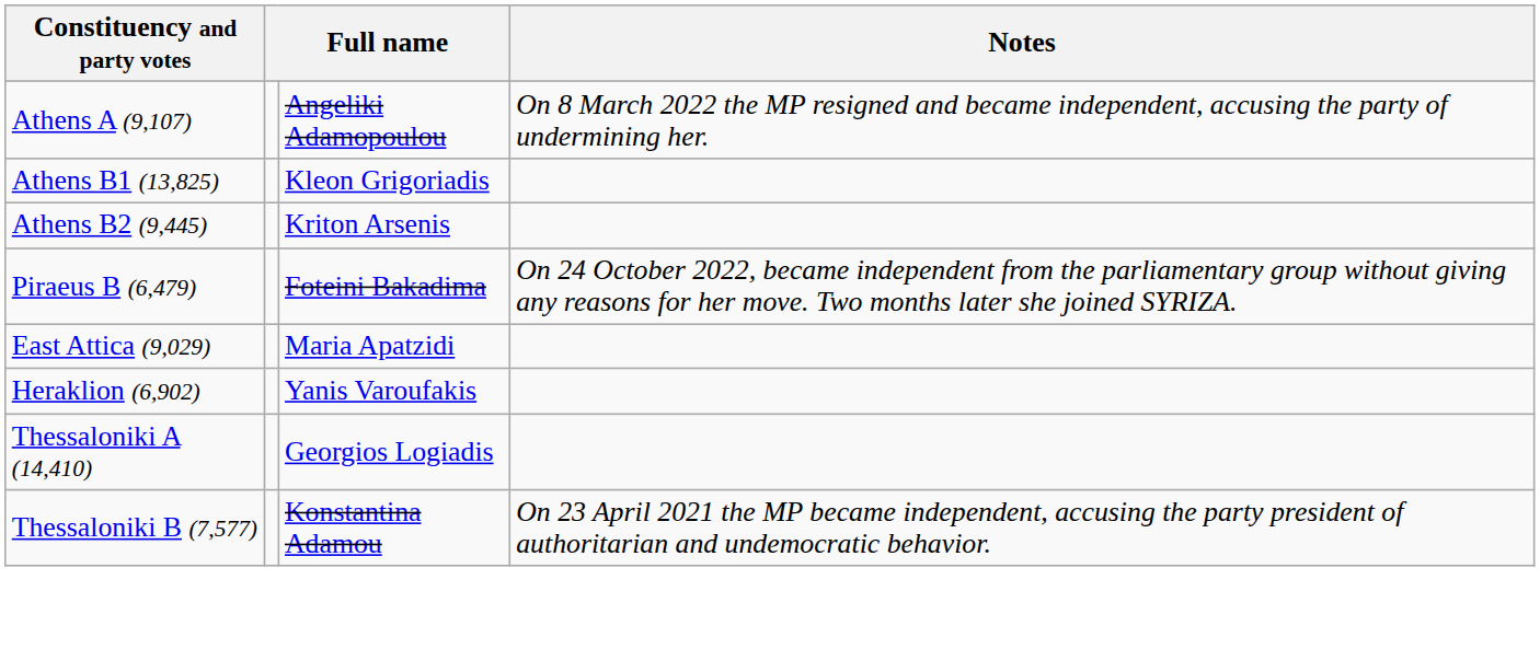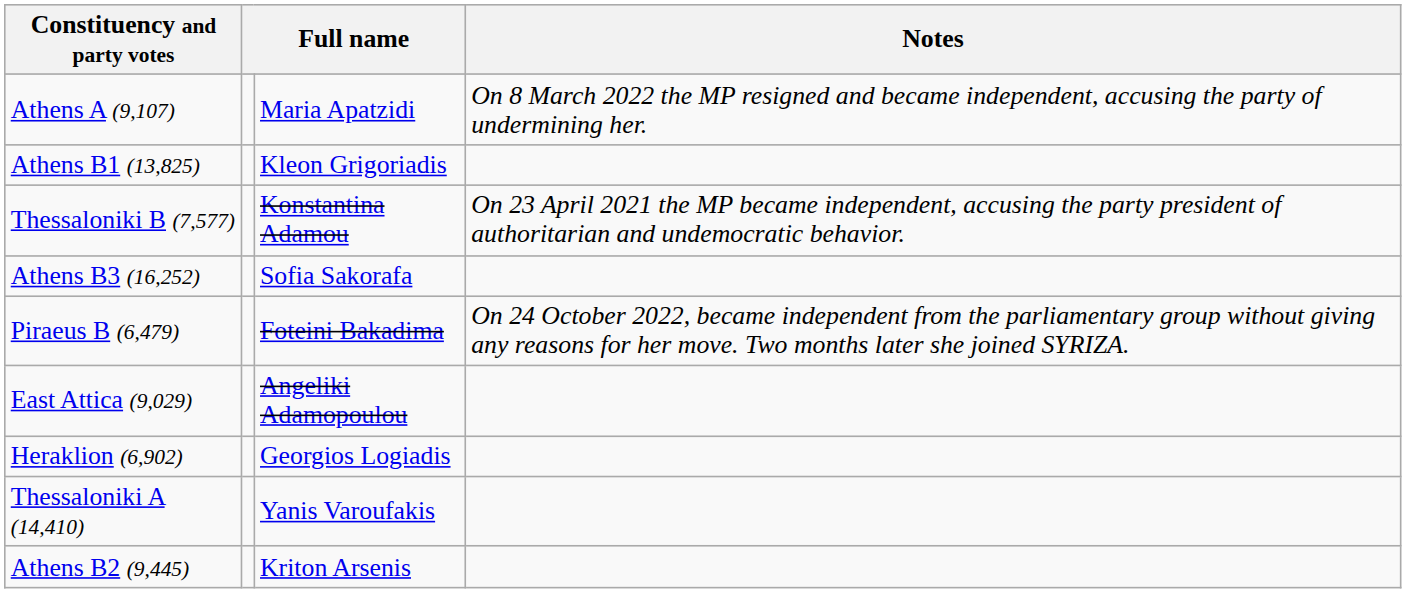 <table class="wikitable">
 <tr>
 <th>Constituency <small>and party votes</small></th>
 <th colspan="2">Full name</th>
 <th>Notes</th>
 </tr>
 <tr>
 <td><a href='#'>Athens A</a>  <small><em>(9,107)</em></small></td>
 <td></td>
-<td><s><a href='#'>Angeliki Adamopoulou</a></s></td>
+<td><a href='#'>Maria Apatzidi</a></td>
 <td><em>On 8 March 2022 the MP resigned and became independent, accusing the party of undermining her.</em></td>
 </tr>
 <tr>
 <td><a href='#'>Athens B1</a>  <small><em>(13,825)</em></small></td>
 <td></td>
 <td><a href='#'>Kleon Grigoriadis</a></td>
 <td></td>
 </tr>
 <tr>
-<td><a href='#'>Athens B2</a>  <small><em>(9,445)</em></small></td>
+<td><a href='#'>Thessaloniki B</a> <small><em>(7,577)</em></small></td>
 <td></td>
-<td><a href='#'>Kriton Arsenis</a></td>
+<td><s><a href='#'>Konstantina Adamou</a></s></td>
+<td><em>On 23 April 2021 the MP became independent, accusing the party president of authoritarian and undemocratic behavior.</em></td>
+</tr>
+<tr>
+<td><a href='#'>Athens B3</a>  <small><em>(16,252)</em></small></td>
+<td></td>
+<td><a href='#'>Sofia Sakorafa</a></td>
 <td></td>
 </tr>
 <tr>
 <td><a href='#'>Piraeus B</a>  <small><em>(6,479)</em></small></td>
 <td></td>
 <td><s><a href='#'>Foteini Bakadima</a></s></td>
 <td><em>On 24 October 2022, became independent from the parliamentary group without giving any reasons for her move. Two months later she joined SYRIZA.</em> </td>
 </tr>
 <tr>
 <td><a href='#'>East Attica</a> <small><em>(9,029)</em></small></td>
 <td></td>
-<td><a href='#'>Maria Apatzidi</a></td>
+<td><s><a href='#'>Angeliki Adamopoulou</a></s></td>
 <td></td>
 </tr>
 <tr>
 <td><a href='#'>Heraklion</a>  <small><em>(6,902)</em></small></td>
 <td></td>
-<td><a href='#'>Yanis Varoufakis</a></td>
+<td><a href='#'>Georgios Logiadis</a></td>
 <td></td>
 </tr>
 <tr>
 <td><a href='#'>Thessaloniki A</a> <small><em>(14,410)</em></small></td>
 <td></td>
-<td><a href='#'>Georgios Logiadis</a></td>
+<td><a href='#'>Yanis Varoufakis</a></td>
 <td></td>
 </tr>
 <tr>
-<td><a href='#'>Thessaloniki B</a> <small><em>(7,577)</em></small></td>
+<td><a href='#'>Athens B2</a>  <small><em>(9,445)</em></small></td>
 <td></td>
-<td><s><a href='#'>Konstantina Adamou</a></s></td>
-<td><em>On 23 April 2021 the MP became independent, accusing the party president of authoritarian and undemocratic behavior.</em></td>
+<td><a href='#'>Kriton Arsenis</a></td>
+<td></td>
 </tr>
 </table>
